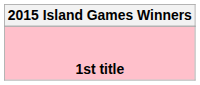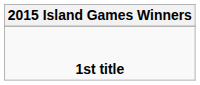 <table class="wikitable" style="text-align: center; margin: 0 auto;">
 <tr>
 <th>2015 Island Games Winners</th>
 </tr>
 <tr>
 </tr>
 <tr>
-<td style="background: pink;"><br><strong></strong><br><strong>1st title</strong></td>
+<td><br><strong></strong><br><strong>1st title</strong></td>
 </tr>
 </table>
